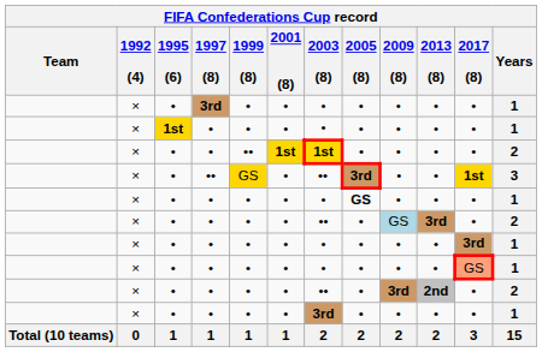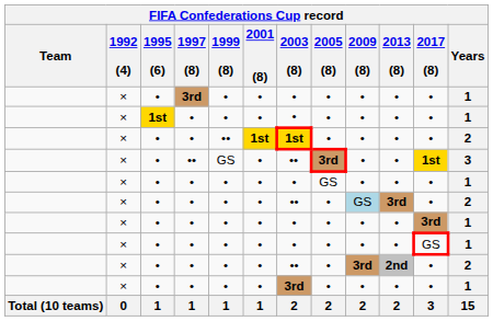 <table class="wikitable" style="text-align:center; font-size:85%;">
 <tr>
 <th colspan=12><a href='#'>FIFA Confederations Cup</a> record</th>
 </tr>
 <tr>
 <th>Team</th>
 <th><a href='#'>1992</a><br><br>(4)</th>
 <th><a href='#'>1995</a><br><br>(6)</th>
 <th><a href='#'>1997</a><br><br>(8)</th>
 <th><a href='#'>1999</a><br><br>(8)</th>
 <th><a href='#'>2001</a><br><br><br>(8)</th>
 <th><a href='#'>2003</a><br><br>(8)</th>
 <th><a href='#'>2005</a><br><br>(8)</th>
 <th><a href='#'>2009</a><br><br>(8)</th>
 <th><a href='#'>2013</a><br><br>(8)</th>
 <th><a href='#'>2017</a><br><br>(8)</th>
 <th>Years</th>
 </tr>
 <tr>
 <td align=left></td>
 <td>×</td>
 <td>•</td>
 <td bgcolor=cc9966><strong>3rd</strong></td>
 <td>•</td>
 <td>•</td>
 <td>•</td>
 <td>•</td>
 <td>•</td>
 <td>•</td>
 <td>•</td>
 <th>1</th>
 </tr>
 <tr>
 <td align=left></td>
 <td>×</td>
 <td bgcolor=Gold><strong>1st</strong></td>
 <td>•</td>
 <td>•</td>
 <td>•</td>
 <td>•</td>
 <td>•</td>
 <td>•</td>
 <td>•</td>
 <td>•</td>
 <th>1</th>
 </tr>
 <tr>
 <td align=left></td>
 <td>×</td>
 <td>•</td>
 <td>•</td>
 <td>••</td>
 <td bgcolor=Gold><strong>1st</strong></td>
 <td style="border:3px solid red" bgcolor=Gold><strong>1st</strong></td>
 <td>•</td>
 <td>•</td>
 <td>•</td>
 <td>•</td>
 <th>2</th>
 </tr>
 <tr>
 <td align=left></td>
 <td>×</td>
 <td>•</td>
 <td>••</td>
-<td style="background: gold;">GS</td>
+<td>GS</td>
 <td>•</td>
 <td>••</td>
 <td style="border:3px solid red" bgcolor=cc9966><strong>3rd</strong></td>
 <td>•</td>
 <td>•</td>
 <td bgcolor=Gold><strong>1st</strong></td>
 <th>3</th>
 </tr>
 <tr>
 <td align=left></td>
 <td>×</td>
 <td>•</td>
 <td>•</td>
 <td>•</td>
 <td>•</td>
 <td>•</td>
-<td><strong>GS</strong></td>
+<td>GS</td>
 <td>•</td>
 <td>•</td>
 <td>•</td>
 <th>1</th>
 </tr>
 <tr>
 <td align=left></td>
 <td>×</td>
 <td>•</td>
 <td>•</td>
 <td>•</td>
 <td>•</td>
 <td>••</td>
 <td>•</td>
 <td style="background: lightblue;">GS</td>
 <td bgcolor=cc9966><strong>3rd</strong></td>
 <td>•</td>
 <th>2</th>
 </tr>
 <tr>
 <td align=left></td>
 <td>×</td>
 <td>•</td>
 <td>•</td>
 <td>•</td>
 <td>•</td>
 <td>•</td>
 <td>•</td>
 <td>•</td>
 <td>•</td>
 <td bgcolor=cc9966><strong>3rd</strong></td>
 <th>1</th>
 </tr>
 <tr>
 <td align=left></td>
 <td>×</td>
 <td>•</td>
 <td>•</td>
 <td>•</td>
 <td>•</td>
 <td>•</td>
 <td>•</td>
 <td>•</td>
 <td>•</td>
-<td style="background: lightsalmon; border:3px solid red">GS</td>
+<td style="border:3px solid red">GS</td>
 <th>1</th>
 </tr>
 <tr>
 <td align=left></td>
 <td>×</td>
 <td>•</td>
 <td>•</td>
 <td>•</td>
 <td>•</td>
 <td>••</td>
 <td>•</td>
 <td bgcolor=cc9966><strong>3rd</strong></td>
 <td bgcolor=Silver><strong>2nd</strong></td>
 <td>•</td>
 <th>2</th>
 </tr>
 <tr>
 <td align=left></td>
 <td>×</td>
 <td>•</td>
 <td>•</td>
 <td>•</td>
 <td>•</td>
 <td bgcolor=cc9966><strong>3rd</strong></td>
 <td>•</td>
 <td>•</td>
 <td>•</td>
 <td>•</td>
 <th>1</th>
 </tr>
 <tr>
 <th>Total (10 teams)</th>
 <th>0</th>
 <th>1</th>
 <th>1</th>
 <th>1</th>
 <th>1</th>
 <th>2</th>
 <th>2</th>
 <th>2</th>
 <th>2</th>
 <th>3</th>
 <th>15</th>
 </tr>
 </table>
